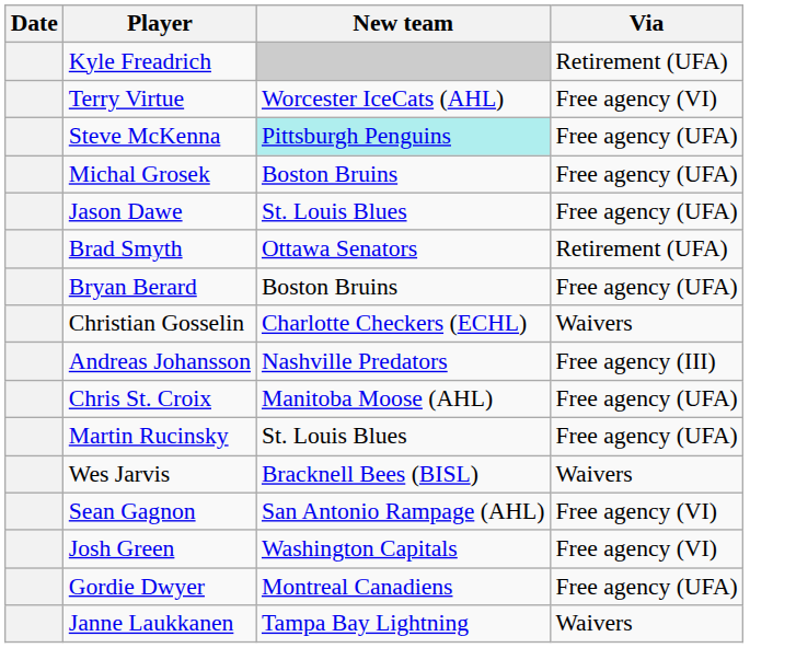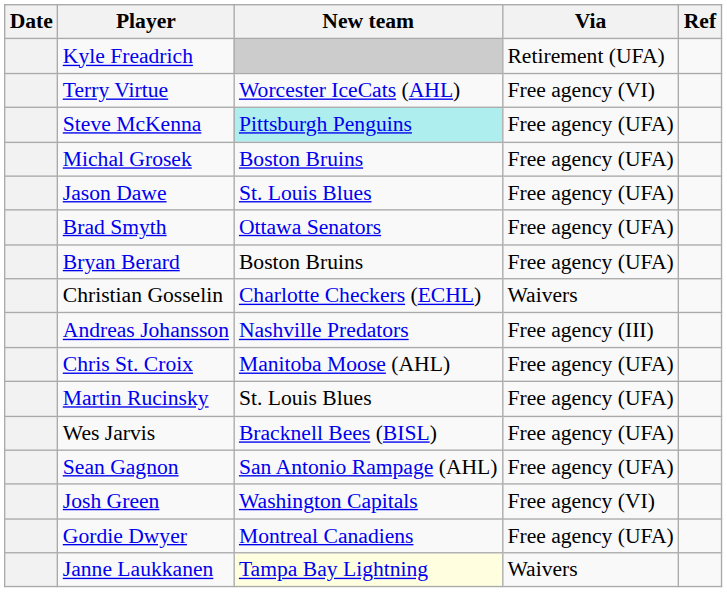 <table class="wikitable plainrowheaders">
 <tr style="background:#ddd; text-align:center;">
 <th>Date</th>
 <th>Player</th>
 <th>New team</th>
 <th>Via</th>
+<th>Ref</th>
 </tr>
 <tr>
 <th scope="row"></th>
 <td><a href='#'>Kyle Freadrich</a></td>
 <td style="background:#ccc"></td>
 <td>Retirement (UFA)</td>
+<td></td>
 </tr>
 <tr>
 <th scope="row"></th>
 <td><a href='#'>Terry Virtue</a></td>
 <td><a href='#'>Worcester IceCats</a> (<a href='#'>AHL</a>)</td>
 <td>Free agency (VI)</td>
+<td></td>
 </tr>
 <tr>
 <th scope="row"></th>
 <td><a href='#'>Steve McKenna</a></td>
 <td style="background: paleturquoise;"><a href='#'>Pittsburgh Penguins</a></td>
 <td>Free agency (UFA)</td>
+<td></td>
 </tr>
 <tr>
 <th scope="row"></th>
 <td><a href='#'>Michal Grosek</a></td>
 <td><a href='#'>Boston Bruins</a></td>
 <td>Free agency (UFA)</td>
+<td></td>
 </tr>
 <tr>
 <th scope="row"></th>
 <td><a href='#'>Jason Dawe</a></td>
 <td><a href='#'>St. Louis Blues</a></td>
 <td>Free agency (UFA)</td>
+<td></td>
 </tr>
 <tr>
 <th scope="row"></th>
 <td><a href='#'>Brad Smyth</a></td>
 <td><a href='#'>Ottawa Senators</a></td>
-<td>Retirement (UFA)</td>
+<td>Free agency (UFA)</td>
+<td></td>
 </tr>
 <tr>
 <th scope="row"></th>
 <td><a href='#'>Bryan Berard</a></td>
 <td>Boston Bruins</td>
 <td>Free agency (UFA)</td>
+<td></td>
 </tr>
 <tr>
 <th scope="row"></th>
 <td>Christian Gosselin</td>
 <td><a href='#'>Charlotte Checkers</a> (<a href='#'>ECHL</a>)</td>
 <td>Waivers</td>
+<td></td>
 </tr>
 <tr>
 <th scope="row"></th>
 <td><a href='#'>Andreas Johansson</a></td>
 <td><a href='#'>Nashville Predators</a></td>
 <td>Free agency (III)</td>
+<td></td>
 </tr>
 <tr>
 <th scope="row"></th>
 <td><a href='#'>Chris St. Croix</a></td>
 <td><a href='#'>Manitoba Moose</a> (AHL)</td>
 <td>Free agency (UFA)</td>
+<td></td>
 </tr>
 <tr>
 <th scope="row"></th>
 <td><a href='#'>Martin Rucinsky</a></td>
 <td>St. Louis Blues</td>
 <td>Free agency (UFA)</td>
+<td></td>
 </tr>
 <tr>
 <th scope="row"></th>
 <td>Wes Jarvis</td>
 <td><a href='#'>Bracknell Bees</a> (<a href='#'>BISL</a>)</td>
-<td>Waivers</td>
+<td>Free agency (UFA)</td>
+<td></td>
 </tr>
 <tr>
 <th scope="row"></th>
 <td><a href='#'>Sean Gagnon</a></td>
 <td><a href='#'>San Antonio Rampage</a> (AHL)</td>
-<td>Free agency (VI)</td>
+<td>Free agency (UFA)</td>
+<td></td>
 </tr>
 <tr>
 <th scope="row"></th>
 <td><a href='#'>Josh Green</a></td>
 <td><a href='#'>Washington Capitals</a></td>
 <td>Free agency (VI)</td>
+<td></td>
 </tr>
 <tr>
 <th scope="row"></th>
 <td><a href='#'>Gordie Dwyer</a></td>
 <td><a href='#'>Montreal Canadiens</a></td>
 <td>Free agency (UFA)</td>
+<td></td>
 </tr>
 <tr>
 <th scope="row"></th>
 <td><a href='#'>Janne Laukkanen</a></td>
-<td><a href='#'>Tampa Bay Lightning</a></td>
+<td style="background: lightyellow;"><a href='#'>Tampa Bay Lightning</a></td>
 <td>Waivers</td>
+<td></td>
 </tr>
 </table>
